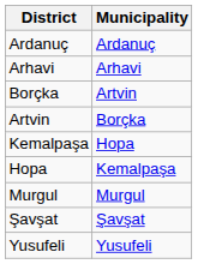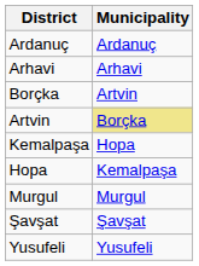 <table class="sortable wikitable">
 <tr>
 <th>District</th>
 <th>Municipality</th>
 </tr>
 <tr>
 <td>Ardanuç</td>
 <td><a href='#'>Ardanuç</a></td>
 </tr>
 <tr>
 <td>Arhavi</td>
 <td><a href='#'>Arhavi</a></td>
 </tr>
 <tr>
 <td>Borçka</td>
 <td><a href='#'>Artvin</a></td>
 </tr>
 <tr>
 <td>Artvin</td>
-<td><a href='#'>Borçka</a></td>
+<td style="background: khaki;"><a href='#'>Borçka</a></td>
 </tr>
 <tr>
 <td>Kemalpaşa</td>
 <td><a href='#'>Hopa</a></td>
 </tr>
 <tr>
 <td>Hopa</td>
 <td><a href='#'>Kemalpaşa</a></td>
 </tr>
 <tr>
 <td>Murgul</td>
 <td><a href='#'>Murgul</a></td>
 </tr>
 <tr>
 <td>Şavşat</td>
 <td><a href='#'>Şavşat</a></td>
 </tr>
 <tr>
 <td>Yusufeli</td>
 <td><a href='#'>Yusufeli</a></td>
 </tr>
 </table>
